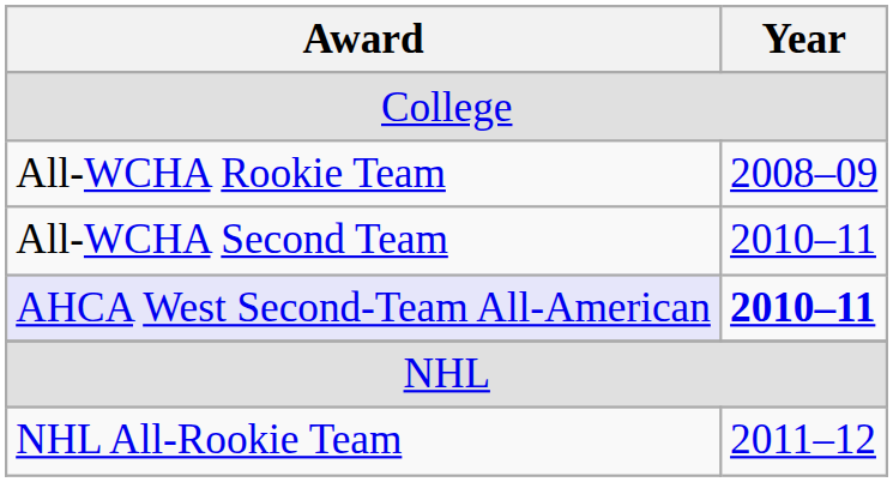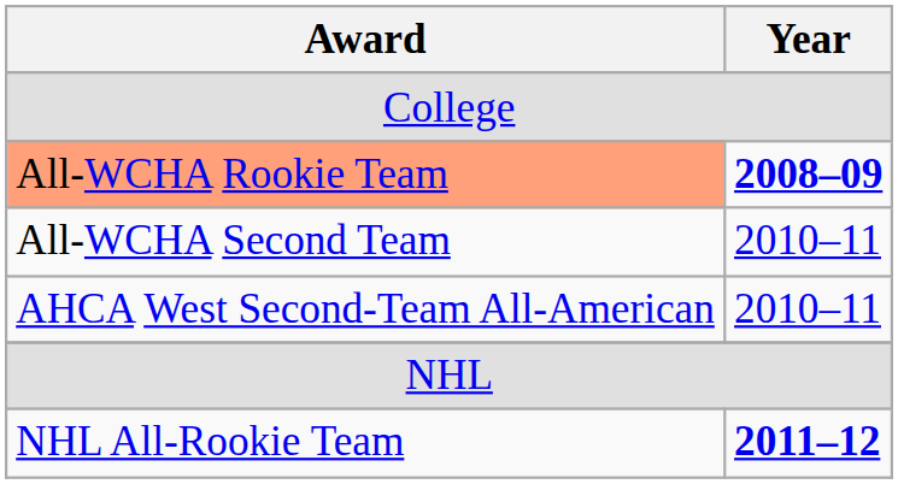 <table class="wikitable">
 <tr>
 <th>Award</th>
 <th>Year</th>
 </tr>
 <tr>
 </tr>
 <tr ALIGN="center" bgcolor="#e0e0e0">
 <td colspan="3"><a href='#'>College</a></td>
 </tr>
 <tr>
-<td>All-<a href='#'>WCHA</a> <a href='#'>Rookie Team</a></td>
-<td><a href='#'>2008–09</a></td>
+<td style="background: lightsalmon;">All-<a href='#'>WCHA</a> <a href='#'>Rookie Team</a></td>
+<td><strong><a href='#'>2008–09</a></strong></td>
 </tr>
 <tr>
 <td>All-<a href='#'>WCHA</a> <a href='#'>Second Team</a></td>
 <td><a href='#'>2010–11</a></td>
 </tr>
 <tr>
-<td style="background: lavender;"><a href='#'>AHCA</a> <a href='#'>West Second-Team All-American</a></td>
-<td><strong><a href='#'>2010–11</a></strong></td>
+<td><a href='#'>AHCA</a> <a href='#'>West Second-Team All-American</a></td>
+<td><a href='#'>2010–11</a></td>
 </tr>
 <tr>
 </tr>
 <tr ALIGN="center" bgcolor="#e0e0e0">
 <td colspan="3"><a href='#'>NHL</a></td>
 </tr>
 <tr>
 <td><a href='#'>NHL All-Rookie Team</a></td>
-<td><a href='#'>2011–12</a></td>
+<td><strong><a href='#'>2011–12</a></strong></td>
 </tr>
 </table>
